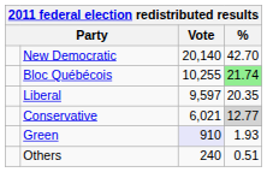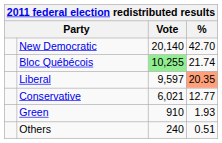 <table class="wikitable">
 <tr>
 <th colspan="4"><a href='#'>2011 federal election</a> redistributed results</th>
 </tr>
 <tr>
 <th bgcolor="#DDDDFF" width="130px" colspan="2">Party</th>
 <th bgcolor="#DDDDFF" width="50px">Vote</th>
 <th bgcolor="#DDDDFF" width="30px">%</th>
 </tr>
 <tr>
 <td> </td>
 <td><a href='#'>New Democratic</a></td>
 <td align=right>20,140</td>
 <td align=right>42.70</td>
 </tr>
 <tr>
 <td> </td>
 <td><a href='#'>Bloc Québécois</a></td>
-<td align=right>10,255</td>
-<td align=right style="background: lightgreen;">21.74</td>
+<td align=right style="background: lightgreen;">10,255</td>
+<td align=right>21.74</td>
 </tr>
 <tr>
 <td> </td>
 <td><a href='#'>Liberal</a></td>
 <td align=right>9,597</td>
-<td align=right>20.35</td>
+<td align=right style="background: lightsalmon;">20.35</td>
 </tr>
 <tr>
 <td> </td>
 <td><a href='#'>Conservative</a></td>
 <td align=right>6,021</td>
-<td align=right style="background: lightgrey;">12.77</td>
+<td align=right>12.77</td>
 </tr>
 <tr>
 <td> </td>
 <td><a href='#'>Green</a></td>
-<td align=right style="background: lavender;">910</td>
+<td align=right>910</td>
 <td align=right>1.93</td>
 </tr>
 <tr>
 <td> </td>
 <td>Others</td>
 <td align=right>240</td>
 <td align=right>0.51</td>
 </tr>
 </table>
